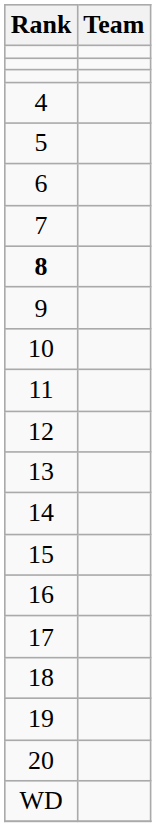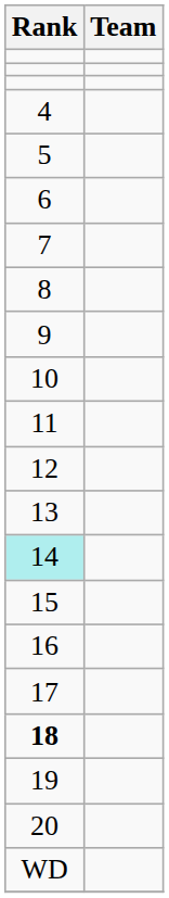 <table class="wikitable">
 <tr>
 <th>Rank</th>
 <th>Team</th>
 </tr>
 <tr>
 <td align=center></td>
 <td></td>
 </tr>
 <tr>
 <td align=center></td>
 <td></td>
 </tr>
 <tr>
 <td align=center></td>
 <td></td>
 </tr>
 <tr>
 <td align=center>4</td>
 <td></td>
 </tr>
 <tr>
 <td align=center>5</td>
 <td></td>
 </tr>
 <tr>
 <td align=center>6</td>
 <td></td>
 </tr>
 <tr>
 <td align=center>7</td>
 <td></td>
 </tr>
 <tr>
-<td align=center><strong>8</strong></td>
+<td align=center>8</td>
 <td></td>
 </tr>
 <tr>
 <td align=center>9</td>
 <td></td>
 </tr>
 <tr>
 <td align=center>10</td>
 <td></td>
 </tr>
 <tr>
 <td align=center>11</td>
 <td></td>
 </tr>
 <tr>
 <td align=center>12</td>
 <td></td>
 </tr>
 <tr>
 <td align=center>13</td>
 <td></td>
 </tr>
 <tr>
-<td align=center>14</td>
+<td align=center style="background: paleturquoise;">14</td>
 <td></td>
 </tr>
 <tr>
 <td align=center>15</td>
 <td></td>
 </tr>
 <tr>
 <td align=center>16</td>
 <td></td>
 </tr>
 <tr>
 <td align=center>17</td>
 <td></td>
 </tr>
 <tr>
-<td align=center>18</td>
+<td align=center><strong>18</strong></td>
 <td></td>
 </tr>
 <tr>
 <td align=center>19</td>
 <td></td>
 </tr>
 <tr>
 <td align=center>20</td>
 <td></td>
 </tr>
 <tr>
 <td align=center>WD</td>
 <td></td>
 </tr>
 <tr>
 </tr>
 </table>
